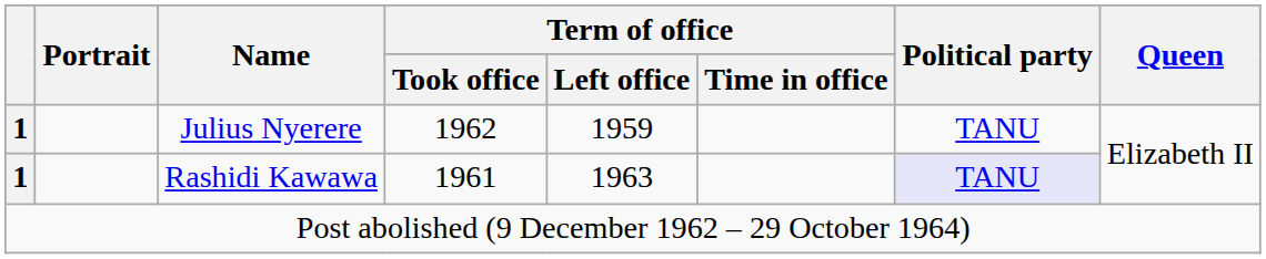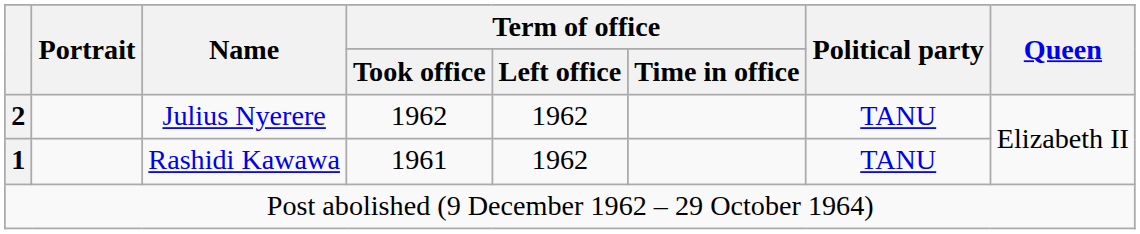 <table class="wikitable" style="text-align:center">
 <tr>
 <th rowspan="2"></th>
 <th rowspan="2">Portrait</th>
 <th rowspan="2">Name<br></th>
 <th colspan="3">Term of office</th>
 <th rowspan="2">Political party</th>
 <th rowspan="2"><a href='#'>Queen</a></th>
 </tr>
 <tr>
 <th>Took office</th>
 <th>Left office</th>
 <th>Time in office</th>
 </tr>
 <tr>
-<th style="background:">1</th>
+<th style="background:">2</th>
 <td></td>
 <td><a href='#'>Julius Nyerere</a><br></td>
 <td> 1962</td>
-<td> 1959</td>
+<td> 1962</td>
 <td></td>
 <td><a href='#'>TANU</a></td>
 <td rowspan=2>Elizabeth II</td>
 </tr>
 <tr>
 <th style="background:">1</th>
 <td></td>
 <td><a href='#'>Rashidi Kawawa</a><br></td>
 <td> 1961</td>
-<td> 1963</td>
+<td> 1962</td>
 <td></td>
-<td style="background: lavender;"><a href='#'>TANU</a></td>
+<td><a href='#'>TANU</a></td>
 </tr>
 <tr>
 <td colspan="8">Post abolished (9 December 1962 – 29 October 1964)</td>
 </tr>
 </table>
